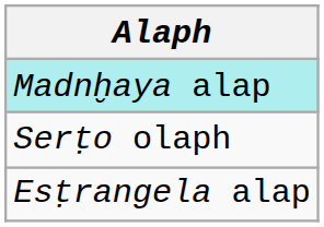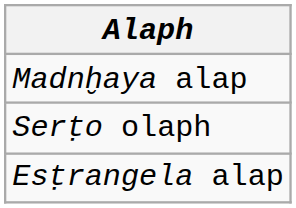 <table class="wikitable">
 <tr>
 <th><em>Alaph</em></th>
 </tr>
 <tr>
-<td style="background: paleturquoise;"> <em>Madnḫaya</em> alap</td>
+<td> <em>Madnḫaya</em> alap</td>
 </tr>
 <tr>
 <td> <em>Serṭo</em> olaph</td>
 </tr>
 <tr>
 <td> <em>Esṭrangela</em> alap</td>
 </tr>
 </table>
